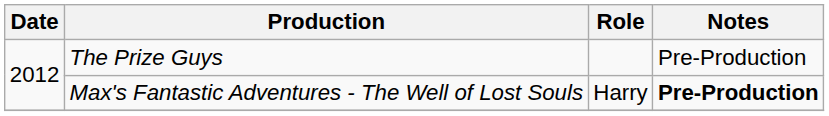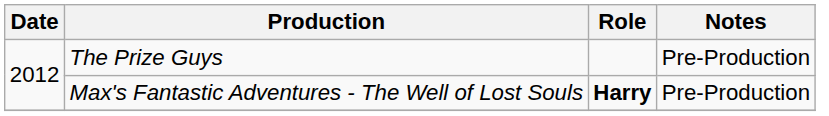 <table class="wikitable">
 <tr>
 <th>Date</th>
 <th>Production</th>
 <th>Role</th>
 <th>Notes</th>
 </tr>
 <tr>
 <td rowspan=2>2012</td>
 <td><em>The Prize Guys</em></td>
 <td></td>
 <td>Pre-Production</td>
 </tr>
 <tr>
 <td><em>Max's Fantastic Adventures - The Well of Lost Souls</em></td>
-<td>Harry</td>
-<td><strong>Pre-Production</strong></td>
+<td><strong>Harry</strong></td>
+<td>Pre-Production</td>
 </tr>
 <tr>
 </tr>
 </table>
